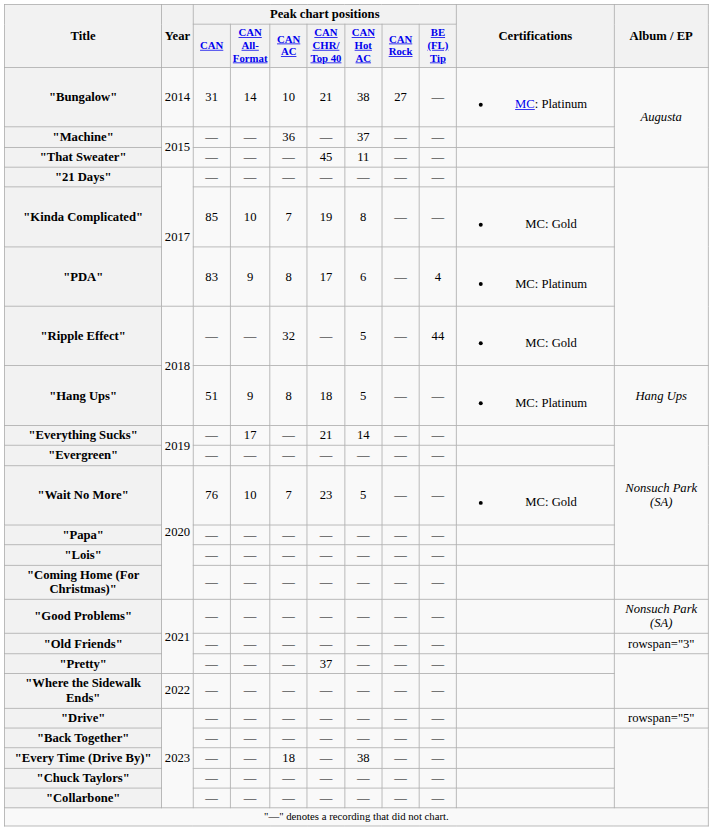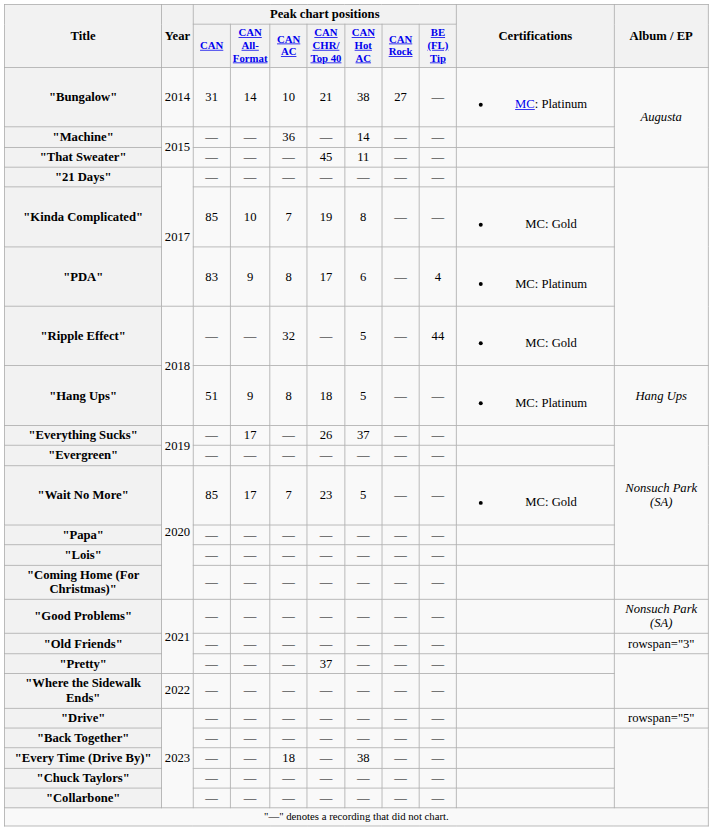 <table class="wikitable plainrowheaders" style="text-align:center;">
 <tr>
 <th scope="col" rowspan="2" style="width:12em;">Title</th>
 <th scope="col" rowspan="2" style="width:1em;">Year</th>
 <th scope="col" colspan="7">Peak chart positions</th>
 <th scope="col" rowspan="2" style="width:12em;">Certifications</th>
 <th scope="col" rowspan="2" style="width:7em;">Album / EP</th>
 </tr>
 <tr>
 <th scope="col" style="width:3em;font-size:85%;"><a href='#'>CAN</a><br></th>
 <th scope="col" style="width:3em;font-size:85%;"><a href='#'>CAN<br>All-Format</a><br></th>
 <th scope="col" style="width:3em;font-size:85%;"><a href='#'>CAN<br>AC</a><br></th>
 <th scope="col" style="width:3em;font-size:85%;"><a href='#'>CAN<br>CHR/ Top 40</a><br></th>
 <th scope="col" style="width:3em;font-size:85%;"><a href='#'>CAN<br>Hot AC</a><br></th>
 <th scope="col" style="width:3em;font-size:85%;"><a href='#'>CAN<br>Rock</a><br></th>
 <th scope="col" style="width:3em;font-size:85%;"><a href='#'>BE<br>(FL)<br>Tip</a><br></th>
 </tr>
 <tr>
 <th scope="row">"Bungalow"</th>
 <td>2014</td>
 <td>31</td>
 <td>14</td>
 <td>10</td>
 <td>21</td>
 <td>38</td>
 <td>27</td>
 <td>—</td>
 <td><br><ul><li><a href='#'>MC</a>: Platinum</li></ul></td>
 <td rowspan="3"><em>Augusta</em></td>
 </tr>
 <tr>
 <th scope="row">"Machine"</th>
 <td rowspan="2">2015</td>
 <td>—</td>
 <td>—</td>
 <td>36</td>
 <td>—</td>
-<td>37</td>
+<td>14</td>
 <td>—</td>
 <td>—</td>
 <td></td>
 </tr>
 <tr>
 <th scope="row">"That Sweater"</th>
 <td>—</td>
 <td>—</td>
 <td>—</td>
 <td>45</td>
 <td>11</td>
 <td>—</td>
 <td>—</td>
 <td></td>
 </tr>
 <tr>
 <th scope="row">"21 Days"</th>
 <td rowspan="3">2017</td>
 <td>—</td>
 <td>—</td>
 <td>—</td>
 <td>—</td>
 <td>—</td>
 <td>—</td>
 <td>—</td>
 <td></td>
 <td rowspan="4"></td>
 </tr>
 <tr>
 <th scope="row">"Kinda Complicated"</th>
 <td>85</td>
 <td>10</td>
 <td>7</td>
 <td>19</td>
 <td>8</td>
 <td>—</td>
 <td>—</td>
 <td><br><ul><li>MC: Gold</li></ul></td>
 </tr>
 <tr>
 <th scope="row">"PDA"</th>
 <td>83</td>
 <td>9</td>
 <td>8</td>
 <td>17</td>
 <td>6</td>
 <td>—</td>
 <td>4</td>
 <td><br><ul><li>MC: Platinum</li></ul></td>
 </tr>
 <tr>
 <th scope="row">"Ripple Effect"</th>
 <td rowspan="2">2018</td>
 <td>—</td>
 <td>—</td>
 <td>32</td>
 <td>—</td>
 <td>5</td>
 <td>—</td>
 <td>44</td>
 <td><br><ul><li>MC: Gold</li></ul></td>
 </tr>
 <tr>
 <th scope="row">"Hang Ups"</th>
 <td>51</td>
 <td>9</td>
 <td>8</td>
 <td>18</td>
 <td>5</td>
 <td>—</td>
 <td>—</td>
 <td><br><ul><li>MC: Platinum</li></ul></td>
 <td><em>Hang Ups</em></td>
 </tr>
 <tr>
 <th scope="row">"Everything Sucks"</th>
 <td rowspan="2">2019</td>
 <td>—</td>
 <td>17</td>
 <td>—</td>
-<td>21</td>
-<td>14</td>
+<td>26</td>
+<td>37</td>
 <td>—</td>
 <td>—</td>
 <td></td>
 <td rowspan="5"><em>Nonsuch Park (SA)</em></td>
 </tr>
 <tr>
 <th scope="row">"Evergreen"</th>
 <td>—</td>
 <td>—</td>
 <td>—</td>
 <td>—</td>
 <td>—</td>
 <td>—</td>
 <td>—</td>
 <td></td>
 </tr>
 <tr>
 <th scope="row">"Wait No More"</th>
 <td rowspan="4">2020</td>
-<td>76</td>
-<td>10</td>
+<td>85</td>
+<td>17</td>
 <td>7</td>
 <td>23</td>
 <td>5</td>
 <td>—</td>
 <td>—</td>
 <td><br><ul><li>MC: Gold</li></ul></td>
 </tr>
 <tr>
 <th scope="row">"Papa"</th>
 <td>—</td>
 <td>—</td>
 <td>—</td>
 <td>—</td>
 <td>—</td>
 <td>—</td>
 <td>—</td>
 <td></td>
 </tr>
 <tr>
 <th scope="row">"Lois"</th>
 <td>—</td>
 <td>—</td>
 <td>—</td>
 <td>—</td>
 <td>—</td>
 <td>—</td>
 <td>—</td>
 <td></td>
 </tr>
 <tr>
 <th scope="row">"Coming Home (For Christmas)"</th>
 <td>—</td>
 <td>—</td>
 <td>—</td>
 <td>—</td>
 <td>—</td>
 <td>—</td>
 <td>—</td>
 <td></td>
 <td></td>
 </tr>
 <tr>
 <th scope="row">"Good Problems"</th>
 <td rowspan="3">2021</td>
 <td>—</td>
 <td>—</td>
 <td>—</td>
 <td>—</td>
 <td>—</td>
 <td>—</td>
 <td>—</td>
 <td></td>
 <td><em>Nonsuch Park (SA)</em></td>
 </tr>
 <tr>
 <th scope="row">"Old Friends"</th>
 <td>—</td>
 <td>—</td>
 <td>—</td>
 <td>—</td>
 <td>—</td>
 <td>—</td>
 <td>—</td>
 <td></td>
 <td>rowspan="3" </td>
 </tr>
 <tr>
 <th scope="row">"Pretty"</th>
 <td>—</td>
 <td>—</td>
 <td>—</td>
 <td>37</td>
 <td>—</td>
 <td>—</td>
 <td>—</td>
 <td></td>
 </tr>
 <tr>
 <th scope="row">"Where the Sidewalk Ends"<br></th>
 <td>2022</td>
 <td>—</td>
 <td>—</td>
 <td>—</td>
 <td>—</td>
 <td>—</td>
 <td>—</td>
 <td>—</td>
 <td></td>
 </tr>
 <tr>
 <th scope="row">"Drive"</th>
 <td rowspan="5">2023</td>
 <td>—</td>
 <td>—</td>
 <td>—</td>
 <td>—</td>
 <td>—</td>
 <td>—</td>
 <td>—</td>
 <td></td>
 <td>rowspan="5" </td>
 </tr>
 <tr>
 <th scope="row">"Back Together"</th>
 <td>—</td>
 <td>—</td>
 <td>—</td>
 <td>—</td>
 <td>—</td>
 <td>—</td>
 <td>—</td>
 <td></td>
 </tr>
 <tr>
 <th scope="row">"Every Time (Drive By)"</th>
 <td>—</td>
 <td>—</td>
 <td>18</td>
 <td>—</td>
 <td>38</td>
 <td>—</td>
 <td>—</td>
 <td></td>
 </tr>
 <tr>
 <th scope="row">"Chuck Taylors"</th>
 <td>—</td>
 <td>—</td>
 <td>—</td>
 <td>—</td>
 <td>—</td>
 <td>—</td>
 <td>—</td>
 <td></td>
 </tr>
 <tr>
 <th scope="row">"Collarbone"</th>
 <td>—</td>
 <td>—</td>
 <td>—</td>
 <td>—</td>
 <td>—</td>
 <td>—</td>
 <td>—</td>
 <td></td>
 </tr>
 <tr>
 <td colspan="11" style="font-size:85%">"—" denotes a recording that did not chart.</td>
 </tr>
 </table>
